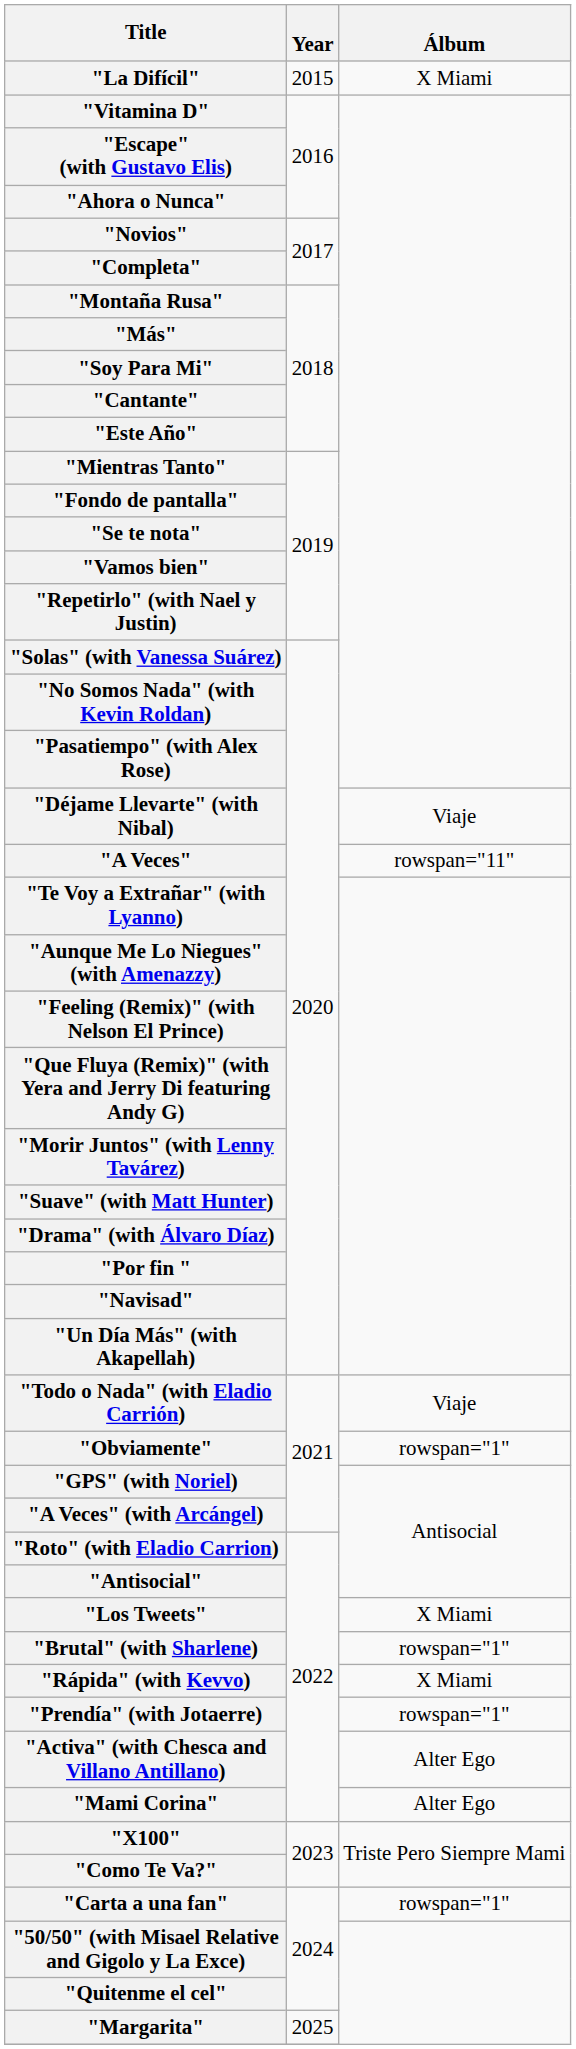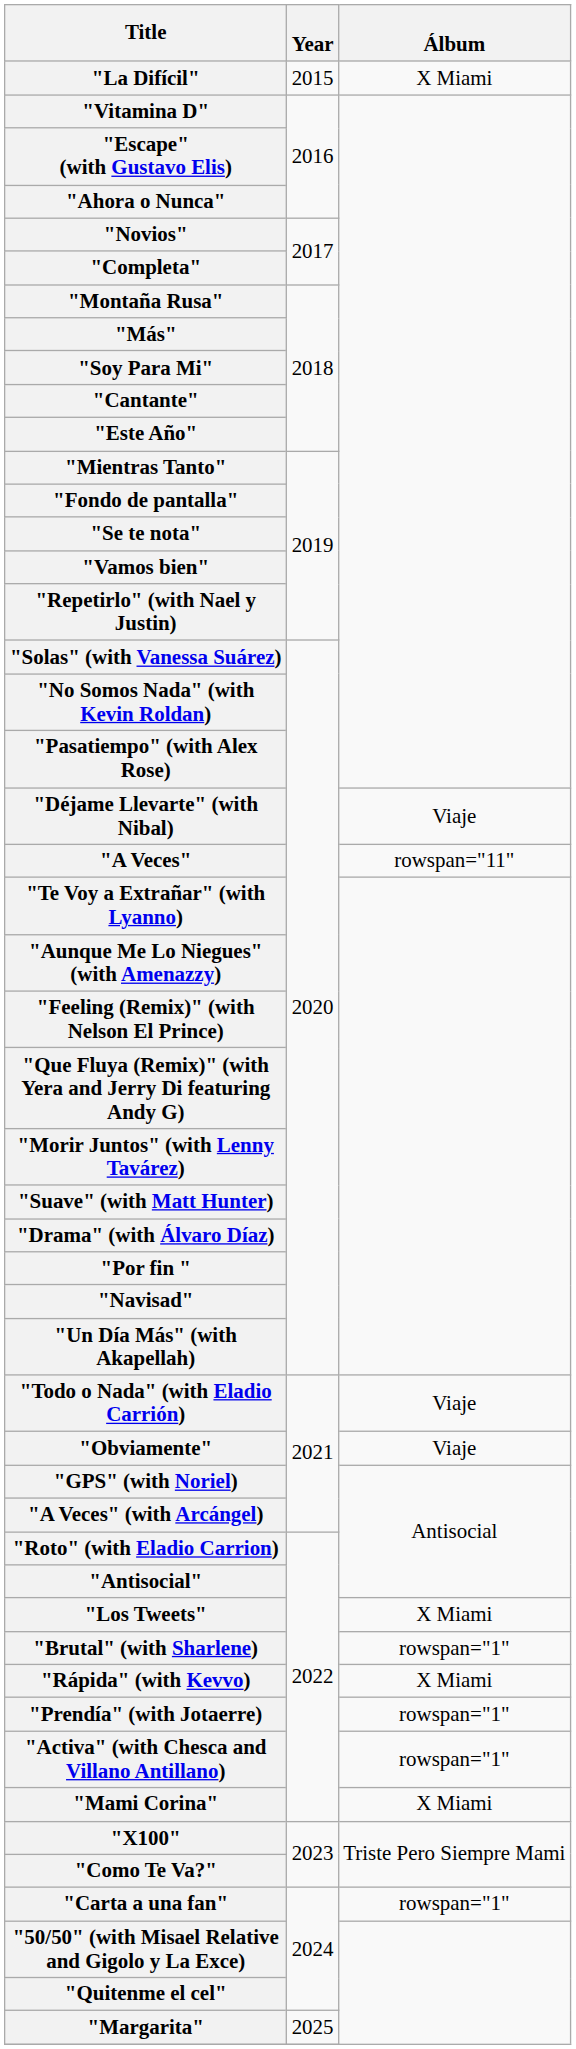 <table class="wikitable plainrowheaders" style="text-align:center;">
 <tr>
 <th scope="col" rowspan="1" style="width:13em;">Title</th>
 <th scope="col" rowspan="1"><br>Year</th>
 <th scope="col" rowspan="1"><br>Álbum</th>
 </tr>
 <tr>
 <th scope="row">"La Difícil"</th>
 <td rowspan="1">2015</td>
 <td rowspan="1">X Miami</td>
 </tr>
 <tr>
 <th scope="row">"Vitamina D"</th>
 <td rowspan="3">2016</td>
 </tr>
 <tr>
 <th scope="row">"Escape" <br><span>(with <a href='#'>Gustavo Elis</a>)</span></th>
 </tr>
 <tr>
 <th scope="row">"Ahora o Nunca"</th>
 </tr>
 <tr>
 <th scope="row">"Novios" <br></th>
 <td rowspan="2">2017</td>
 </tr>
 <tr>
 <th scope="row">"Completa"</th>
 </tr>
 <tr>
 <th scope="row">"Montaña Rusa"</th>
 <td rowspan="5">2018</td>
 </tr>
 <tr>
 <th scope="row">"Más"</th>
 </tr>
 <tr>
 <th scope="row">"Soy Para Mi"</th>
 </tr>
 <tr>
 <th scope="row">"Cantante" <br></th>
 </tr>
 <tr>
 <th scope="row">"Este Año"</th>
 </tr>
 <tr>
 <th scope="row">"Mientras Tanto"</th>
 <td rowspan="5">2019</td>
 </tr>
 <tr>
 <th scope="row">"Fondo de pantalla"</th>
 </tr>
 <tr>
 <th scope="row">"Se te nota"</th>
 </tr>
 <tr>
 <th scope="row">"Vamos bien" <br></th>
 </tr>
 <tr>
 <th scope="row">"Repetirlo" (with Nael y Justin)</th>
 </tr>
 <tr>
 <th scope="row">"Solas" (with <a href='#'>Vanessa Suárez</a>)</th>
 <td rowspan="15">2020</td>
 </tr>
 <tr>
 <th scope="row">"No Somos Nada" (with <a href='#'>Kevin Roldan</a>)</th>
 </tr>
 <tr>
 <th scope="row">"Pasatiempo" (with Alex Rose)</th>
 </tr>
 <tr>
 <th scope="row">"Déjame Llevarte" (with Nibal)</th>
 <td rowspan="1">Viaje</td>
 </tr>
 <tr>
 <th scope="row">"A Veces"</th>
 <td>rowspan="11" </td>
 </tr>
 <tr>
 <th scope="row">"Te Voy a Extrañar" (with <a href='#'>Lyanno</a>)</th>
 </tr>
 <tr>
 <th scope="row">"Aunque Me Lo Niegues" (with <a href='#'>Amenazzy</a>)</th>
 </tr>
 <tr>
 <th scope="row">"Feeling (Remix)" (with Nelson El Prince)</th>
 </tr>
 <tr>
 <th scope="row">"Que Fluya (Remix)" (with Yera and Jerry Di featuring Andy G)</th>
 </tr>
 <tr>
 <th scope="row">"Morir Juntos" (with <a href='#'>Lenny Tavárez</a>)</th>
 </tr>
 <tr>
 <th scope="row">"Suave" (with <a href='#'>Matt Hunter</a>)</th>
 </tr>
 <tr>
 <th scope="row">"Drama" (with <a href='#'>Álvaro Díaz</a>)</th>
 </tr>
 <tr>
 <th scope="row">"Por fin "</th>
 </tr>
 <tr>
 <th scope="row">"Navisad"</th>
 </tr>
 <tr>
 <th scope="row">"Un Día Más" (with Akapellah)</th>
 </tr>
 <tr>
 <th scope="row">"Todo o Nada" (with <a href='#'>Eladio Carrión</a>)</th>
 <td rowspan="4">2021</td>
 <td rowspan="1">Viaje</td>
 </tr>
 <tr>
 <th scope="row">"Obviamente"</th>
-<td>rowspan="1" </td>
+<td rowspan="1">Viaje</td>
 </tr>
 <tr>
 <th scope="row">"GPS" (with <a href='#'>Noriel</a>)</th>
 <td rowspan="4">Antisocial</td>
 </tr>
 <tr>
 <th scope="row">"A Veces" (with <a href='#'>Arcángel</a>)</th>
 </tr>
 <tr>
 <th scope="row">"Roto" (with <a href='#'>Eladio Carrion</a>)</th>
 <td rowspan="8">2022</td>
 </tr>
 <tr>
 <th scope="row">"Antisocial"</th>
 </tr>
 <tr>
 <th scope="row">"Los Tweets"</th>
 <td rowspan="1">X Miami</td>
 </tr>
 <tr>
 <th scope="row">"Brutal" (with <a href='#'>Sharlene</a>)</th>
 <td>rowspan="1" </td>
 </tr>
 <tr>
 <th scope="row">"Rápida" (with <a href='#'>Kevvo</a>)</th>
 <td rowspan="1">X Miami</td>
 </tr>
 <tr>
 <th scope="row">"Prendía" (with Jotaerre)</th>
 <td>rowspan="1" </td>
 </tr>
 <tr>
 <th scope="row">"Activa" (with Chesca and <a href='#'>Villano Antillano</a>)</th>
-<td rowspan="1">Alter Ego</td>
+<td>rowspan="1" </td>
 </tr>
 <tr>
 <th scope="row">"Mami Corina"</th>
-<td rowspan="1">Alter Ego</td>
+<td rowspan="1">X Miami</td>
 </tr>
 <tr>
 <th scope="row">"X100"</th>
 <td rowspan="2">2023</td>
 <td rowspan="2">Triste Pero Siempre Mami</td>
 </tr>
 <tr>
 <th scope="row">"Como Te Va?"</th>
 </tr>
 <tr>
 <th scope="row">"Carta a una fan"</th>
 <td rowspan="3">2024</td>
 <td>rowspan="1" </td>
 </tr>
 <tr>
 <th scope="row">"50/50" (with Misael Relative and Gigolo y La Exce)</th>
 </tr>
 <tr>
 <th scope="row">"Quitenme el cel"</th>
 </tr>
 <tr>
 <th scope="row">"Margarita"</th>
 <td rowspan="1">2025</td>
 </tr>
 <tr>
 </tr>
 </table>
